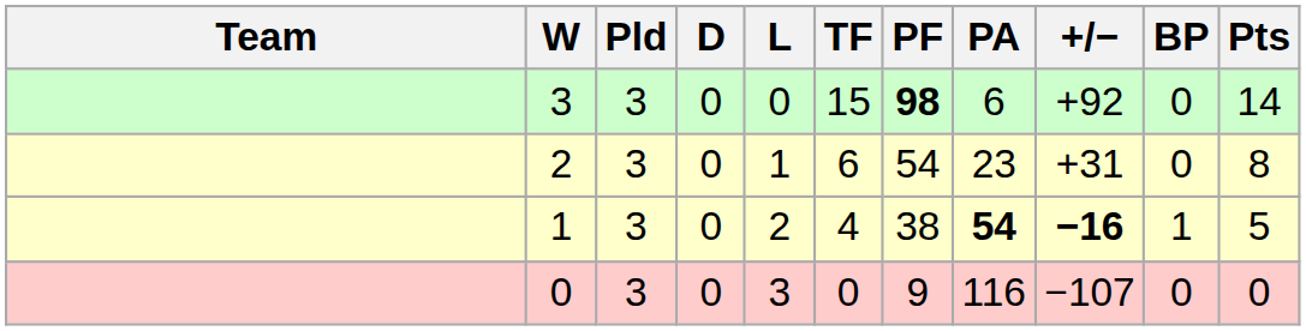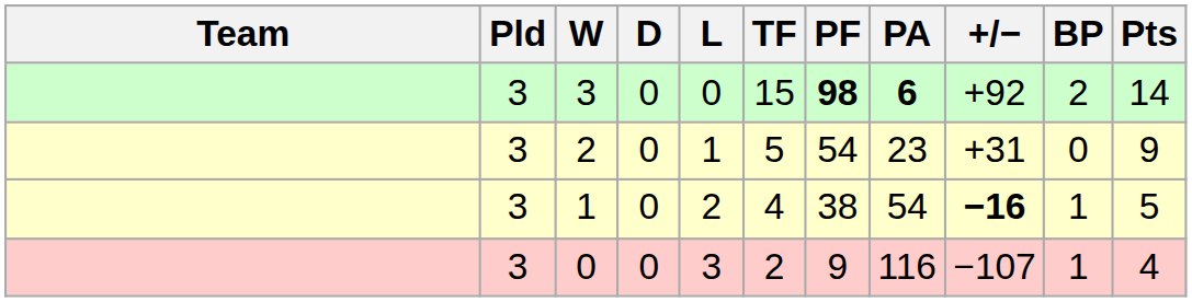 <table class="wikitable" style="text-align:center">
 <tr>
 <th width="200">Team</th>
+<th width="20">Pld</th>
 <th width="20">W</th>
-<th width="20">Pld</th>
 <th width="20">D</th>
 <th width="20">L</th>
 <th width="20">TF</th>
 <th width="20">PF</th>
 <th width="20">PA</th>
 <th width="25">+/−</th>
 <th width="20">BP</th>
 <th width="20">Pts</th>
 </tr>
 <tr style="background:#cfc;">
 <td align="left"></td>
 <td>3</td>
 <td>3</td>
 <td>0</td>
 <td>0</td>
 <td>15</td>
 <td><strong>98</strong></td>
-<td>6</td>
+<td><strong>6</strong></td>
 <td>+92</td>
-<td>0</td>
+<td>2</td>
 <td>14</td>
 </tr>
 <tr style="background:#ffc;">
 <td align="left"></td>
+<td>3</td>
 <td>2</td>
-<td>3</td>
 <td>0</td>
 <td>1</td>
-<td>6</td>
+<td>5</td>
 <td>54</td>
 <td>23</td>
 <td>+31</td>
 <td>0</td>
-<td>8</td>
+<td>9</td>
 </tr>
 <tr style="background:#ffc;">
 <td align="left"></td>
+<td>3</td>
 <td>1</td>
-<td>3</td>
 <td>0</td>
 <td>2</td>
 <td>4</td>
 <td>38</td>
-<td><strong>54</strong></td>
+<td>54</td>
 <td><strong>−16</strong></td>
 <td>1</td>
 <td>5</td>
 </tr>
 <tr style="background:#fcc;">
 <td align="left"></td>
+<td>3</td>
+<td>0</td>
 <td>0</td>
 <td>3</td>
-<td>0</td>
-<td>3</td>
-<td>0</td>
+<td>2</td>
 <td>9</td>
 <td>116</td>
 <td>−107</td>
-<td>0</td>
-<td>0</td>
+<td>1</td>
+<td>4</td>
 </tr>
 </table>
